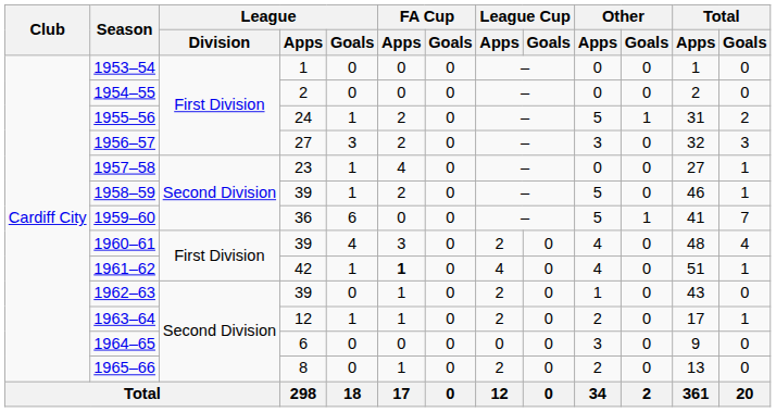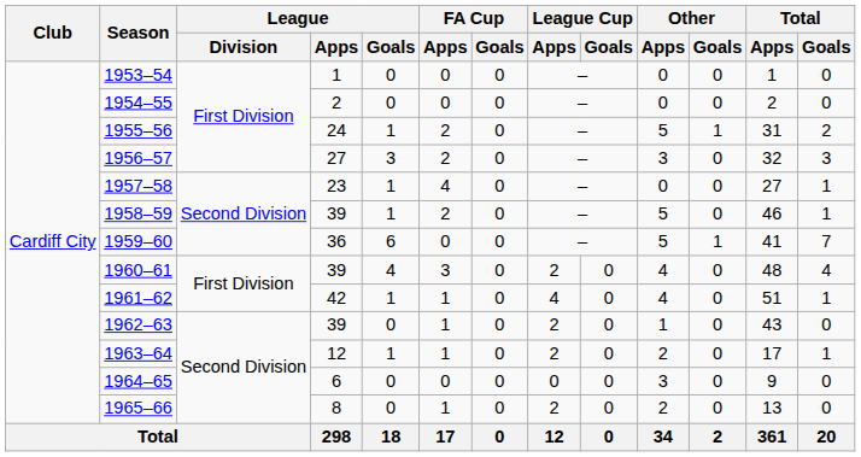 <table class="wikitable" style="text-align:center">
 <tr>
 <th rowspan="2">Club</th>
 <th rowspan="2">Season</th>
 <th colspan="3">League</th>
 <th colspan="2">FA Cup</th>
 <th colspan="2">League Cup</th>
 <th colspan="2">Other</th>
 <th colspan="2">Total</th>
 </tr>
 <tr>
 <th>Division</th>
 <th>Apps</th>
 <th>Goals</th>
 <th>Apps</th>
 <th>Goals</th>
 <th>Apps</th>
 <th>Goals</th>
 <th>Apps</th>
 <th>Goals</th>
 <th>Apps</th>
 <th>Goals</th>
 </tr>
 <tr>
 <td rowspan="13"><a href='#'>Cardiff City</a></td>
 <td><a href='#'>1953–54</a></td>
 <td rowspan="4"><a href='#'>First Division</a></td>
 <td>1</td>
 <td>0</td>
 <td>0</td>
 <td>0</td>
 <td colspan="2">–</td>
 <td>0</td>
 <td>0</td>
 <td>1</td>
 <td>0</td>
 </tr>
 <tr>
 <td><a href='#'>1954–55</a></td>
 <td>2</td>
 <td>0</td>
 <td>0</td>
 <td>0</td>
 <td colspan="2">–</td>
 <td>0</td>
 <td>0</td>
 <td>2</td>
 <td>0</td>
 </tr>
 <tr>
 <td><a href='#'>1955–56</a></td>
 <td>24</td>
 <td>1</td>
 <td>2</td>
 <td>0</td>
 <td colspan="2">–</td>
 <td>5</td>
 <td>1</td>
 <td>31</td>
 <td>2</td>
 </tr>
 <tr>
 <td><a href='#'>1956–57</a></td>
 <td>27</td>
 <td>3</td>
 <td>2</td>
 <td>0</td>
 <td colspan="2">–</td>
 <td>3</td>
 <td>0</td>
 <td>32</td>
 <td>3</td>
 </tr>
 <tr>
 <td><a href='#'>1957–58</a></td>
 <td rowspan=3><a href='#'>Second Division</a></td>
 <td>23</td>
 <td>1</td>
 <td>4</td>
 <td>0</td>
 <td colspan="2">–</td>
 <td>0</td>
 <td>0</td>
 <td>27</td>
 <td>1</td>
 </tr>
 <tr>
 <td><a href='#'>1958–59</a></td>
 <td>39</td>
 <td>1</td>
 <td>2</td>
 <td>0</td>
 <td colspan="2">–</td>
 <td>5</td>
 <td>0</td>
 <td>46</td>
 <td>1</td>
 </tr>
 <tr>
 <td><a href='#'>1959–60</a></td>
 <td>36</td>
 <td>6</td>
 <td>0</td>
 <td>0</td>
 <td colspan="2">–</td>
 <td>5</td>
 <td>1</td>
 <td>41</td>
 <td>7</td>
 </tr>
 <tr>
 <td><a href='#'>1960–61</a></td>
 <td rowspan="2">First Division</td>
 <td>39</td>
 <td>4</td>
 <td>3</td>
 <td>0</td>
 <td>2</td>
 <td>0</td>
 <td>4</td>
 <td>0</td>
 <td>48</td>
 <td>4</td>
 </tr>
 <tr>
 <td><a href='#'>1961–62</a></td>
 <td>42</td>
 <td>1</td>
-<td><strong>1</strong></td>
+<td>1</td>
 <td>0</td>
 <td>4</td>
 <td>0</td>
 <td>4</td>
 <td>0</td>
 <td>51</td>
 <td>1</td>
 </tr>
 <tr>
 <td><a href='#'>1962–63</a></td>
 <td rowspan="4">Second Division</td>
 <td>39</td>
 <td>0</td>
 <td>1</td>
 <td>0</td>
 <td>2</td>
 <td>0</td>
 <td>1</td>
 <td>0</td>
 <td>43</td>
 <td>0</td>
 </tr>
 <tr>
 <td><a href='#'>1963–64</a></td>
 <td>12</td>
 <td>1</td>
 <td>1</td>
 <td>0</td>
 <td>2</td>
 <td>0</td>
 <td>2</td>
 <td>0</td>
 <td>17</td>
 <td>1</td>
 </tr>
 <tr>
 <td><a href='#'>1964–65</a></td>
 <td>6</td>
 <td>0</td>
 <td>0</td>
 <td>0</td>
 <td>0</td>
 <td>0</td>
 <td>3</td>
 <td>0</td>
 <td>9</td>
 <td>0</td>
 </tr>
 <tr>
 <td><a href='#'>1965–66</a></td>
 <td>8</td>
 <td>0</td>
 <td>1</td>
 <td>0</td>
 <td>2</td>
 <td>0</td>
 <td>2</td>
 <td>0</td>
 <td>13</td>
 <td>0</td>
 </tr>
 <tr>
 <th colspan="3">Total</th>
 <th>298</th>
 <th>18</th>
 <th>17</th>
 <th>0</th>
 <th>12</th>
 <th>0</th>
 <th>34</th>
 <th>2</th>
 <th>361</th>
 <th>20</th>
 </tr>
 </table>
